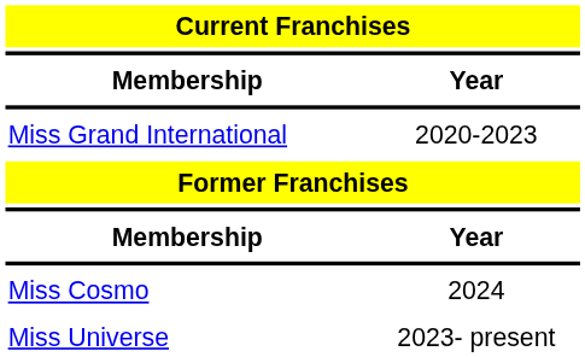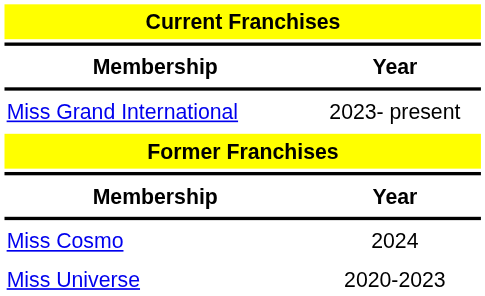 <table class="toccolours" style="width: 20em; float:right; font-size:80%; line-height:1.5em; width:23%;">
 <tr>
 <th colspan="2" align="center" style="background:yellow;">Current Franchises</th>
 </tr>
 <tr>
 <td colspan="2" style="background:black"></td>
 </tr>
 <tr>
 <th scope="col">Membership</th>
 <th scope="col">Year</th>
 </tr>
 <tr>
 <td colspan="2" style="background:black"></td>
 </tr>
 <tr>
 <td align="left"><a href='#'>Miss Grand International</a></td>
-<td align="center">2020-2023</td>
+<td align="center">2023- present</td>
 </tr>
 <tr>
 <th colspan="2" align="center" style="background:yellow;">Former Franchises</th>
 </tr>
 <tr>
 <td colspan="2" style="background:black"></td>
 </tr>
 <tr>
 <th scope="col">Membership</th>
 <th scope="col">Year</th>
 </tr>
 <tr>
 <td colspan="2" style="background:black"></td>
 </tr>
 <tr>
 <td align="left"><a href='#'>Miss Cosmo</a></td>
 <td align="center">2024</td>
 </tr>
 <tr>
 <td align="left"><a href='#'>Miss Universe</a></td>
-<td align="center">2023- present</td>
+<td align="center">2020-2023</td>
 </tr>
 </table>
